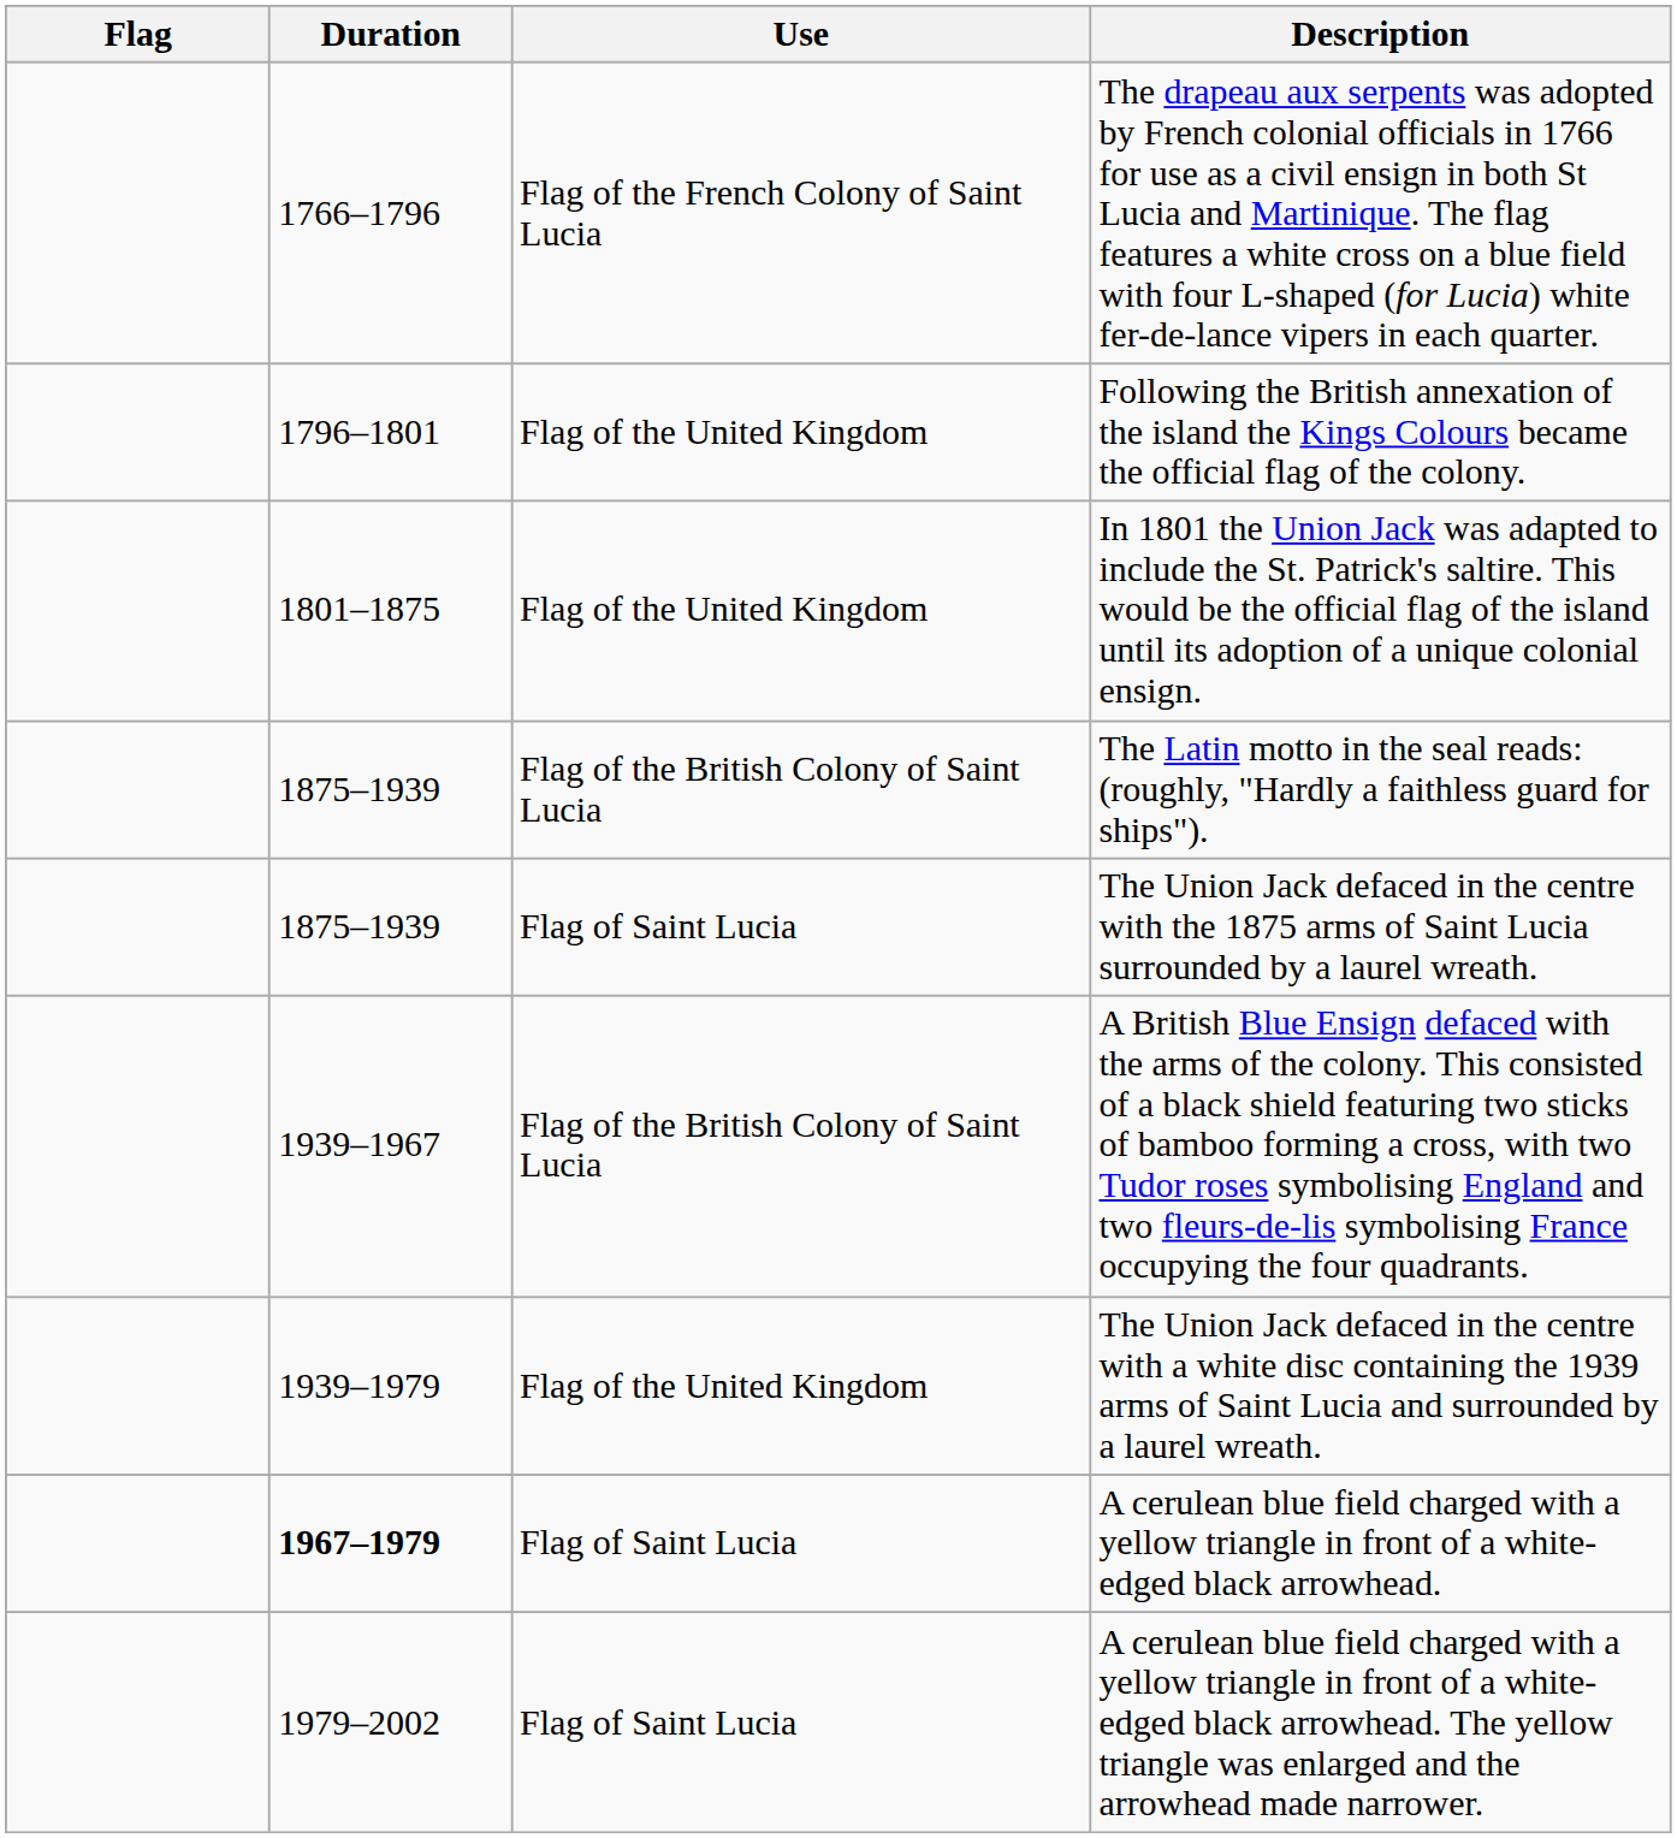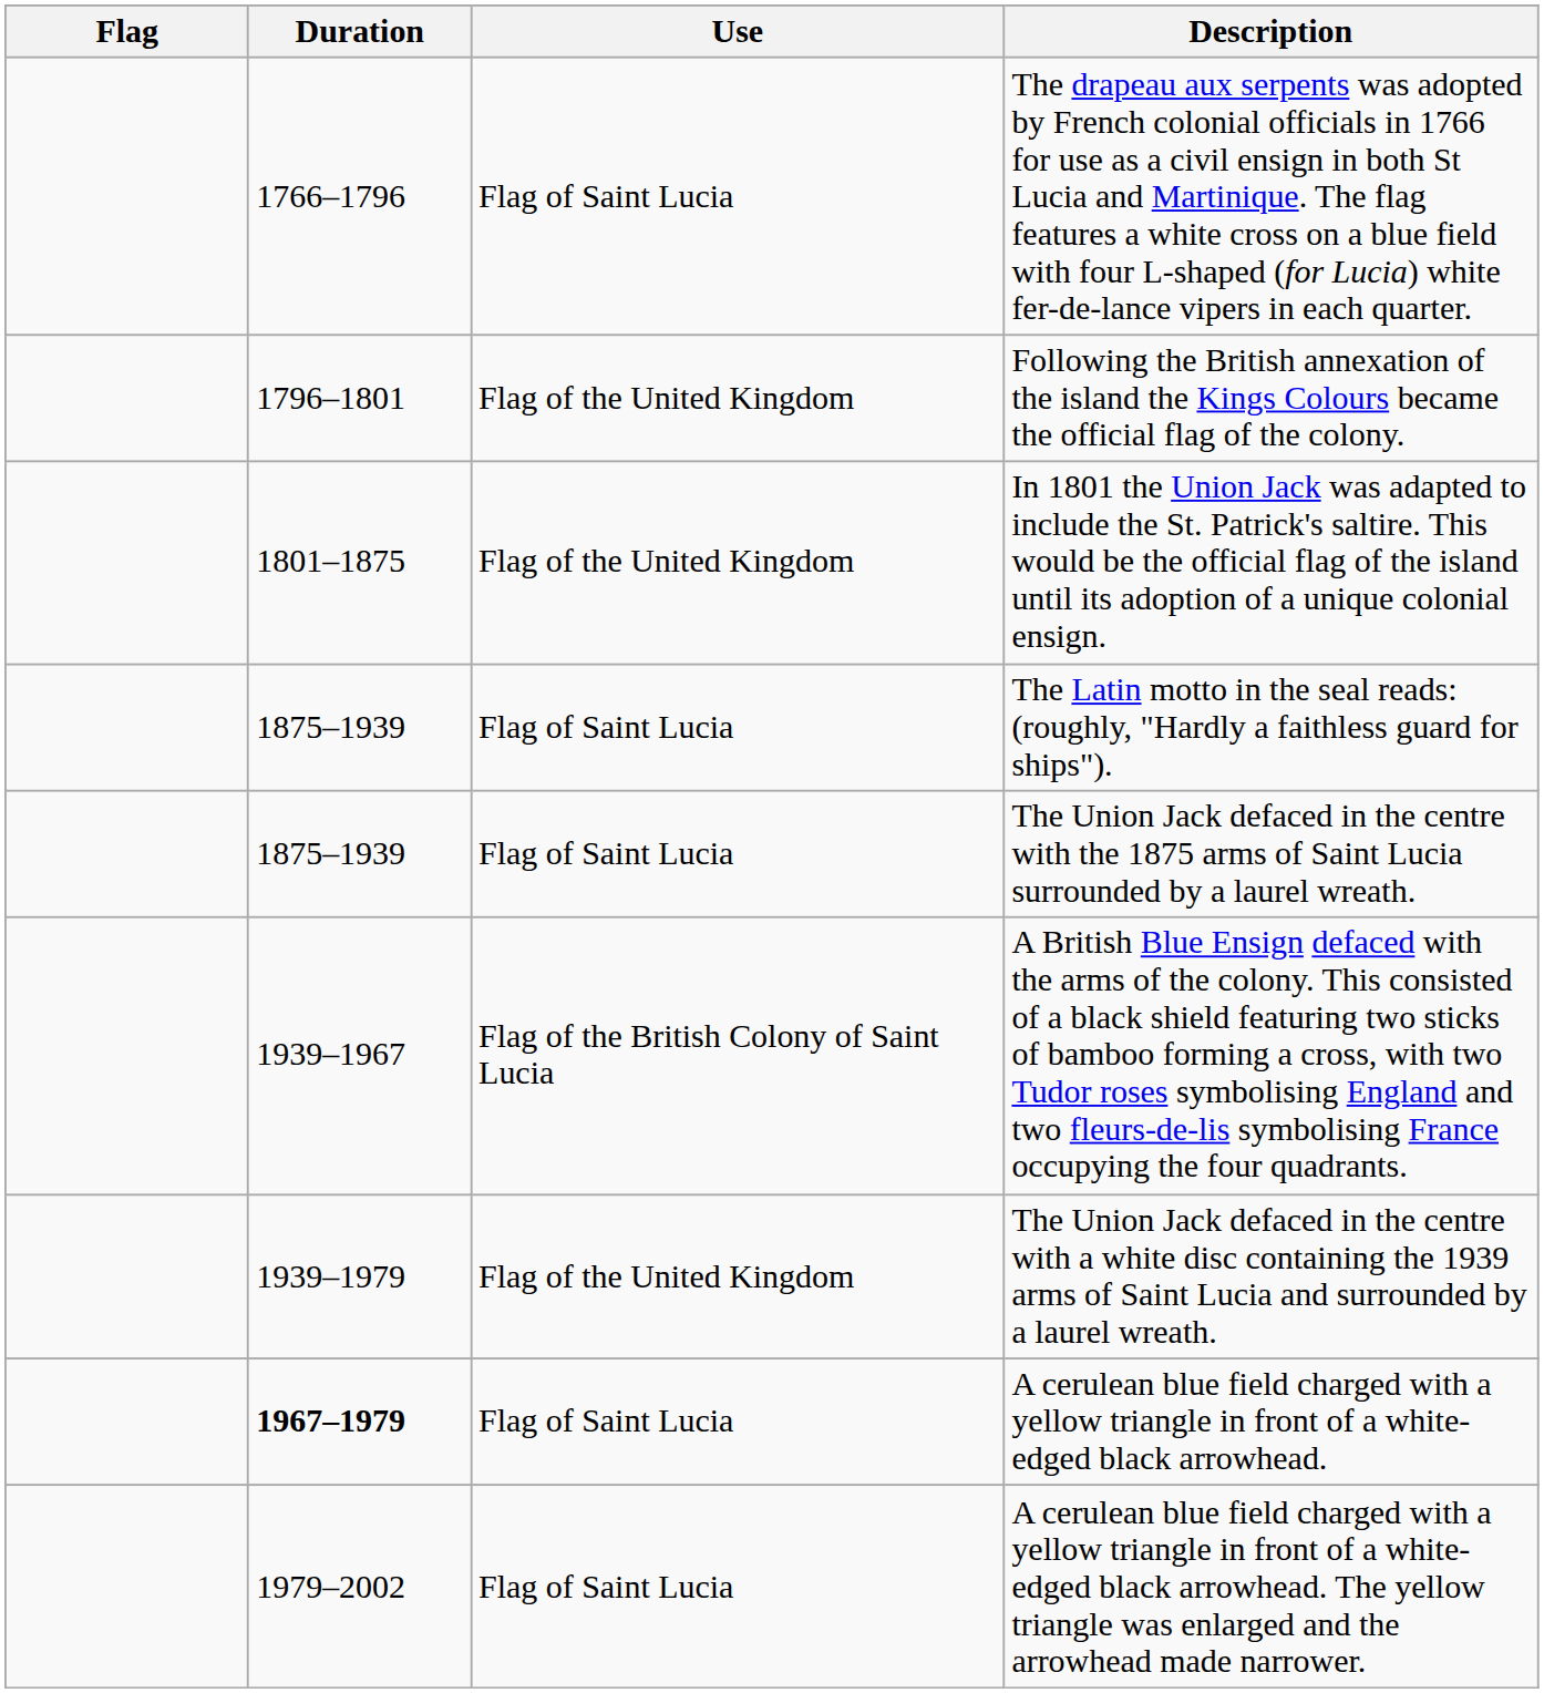 <table class="wikitable">
 <tr>
 <th width="110">Flag</th>
 <th width="100">Duration</th>
 <th width="250">Use</th>
 <th width="250">Description</th>
 </tr>
 <tr>
 <td></td>
 <td>1766–1796</td>
-<td>Flag of the French Colony of Saint Lucia</td>
+<td>Flag of Saint Lucia</td>
 <td>The <a href='#'>drapeau aux serpents</a> was adopted by French colonial officials in 1766 for use as a civil ensign in both St Lucia and <a href='#'>Martinique</a>. The flag features a white cross on a blue field with four L-shaped (<em>for Lucia</em>) white fer-de-lance vipers in each quarter.</td>
 </tr>
 <tr>
 <td></td>
 <td>1796–1801</td>
 <td>Flag of the United Kingdom</td>
 <td>Following the British annexation of the island the <a href='#'>Kings Colours</a> became the official flag of the colony.</td>
 </tr>
 <tr>
 <td></td>
 <td>1801–1875</td>
 <td>Flag of the United Kingdom</td>
 <td>In 1801 the <a href='#'>Union Jack</a> was adapted to include the St. Patrick's saltire. This would be the official flag of the island until its adoption of a unique colonial ensign.</td>
 </tr>
 <tr>
 <td></td>
 <td>1875–1939</td>
-<td>Flag of the British Colony of Saint Lucia</td>
+<td>Flag of Saint Lucia</td>
 <td>The <a href='#'>Latin</a> motto in the seal reads:  (roughly, "Hardly a faithless guard for ships").</td>
 </tr>
 <tr>
 <td></td>
 <td>1875–1939</td>
 <td>Flag of Saint Lucia</td>
 <td>The Union Jack defaced in the centre with the 1875 arms of Saint Lucia surrounded by a laurel wreath.</td>
 </tr>
 <tr>
 <td></td>
 <td>1939–1967</td>
 <td>Flag of the British Colony of Saint Lucia</td>
 <td>A British <a href='#'>Blue Ensign</a> <a href='#'>defaced</a> with the arms of the colony. This consisted of a black shield featuring two sticks of bamboo forming a cross, with two <a href='#'>Tudor roses</a> symbolising <a href='#'>England</a> and two <a href='#'>fleurs-de-lis</a> symbolising <a href='#'>France</a> occupying the four quadrants.</td>
 </tr>
 <tr>
 <td></td>
 <td>1939–1979</td>
 <td>Flag of the United Kingdom</td>
 <td>The Union Jack defaced in the centre with a white disc containing the 1939 arms of Saint Lucia and surrounded by a laurel wreath.</td>
 </tr>
 <tr>
 <td></td>
 <td><strong>1967–1979</strong></td>
 <td>Flag of Saint Lucia</td>
 <td>A cerulean blue field charged with a yellow triangle in front of a white-edged black arrowhead.</td>
 </tr>
 <tr>
 <td></td>
 <td>1979–2002</td>
 <td>Flag of Saint Lucia</td>
 <td>A cerulean blue field charged with a yellow triangle in front of a white-edged black arrowhead. The yellow triangle was enlarged and the arrowhead made narrower.</td>
 </tr>
 </table>
